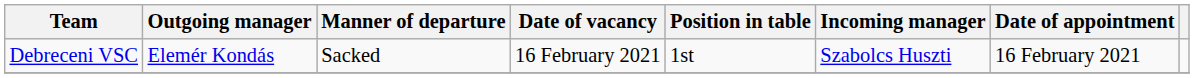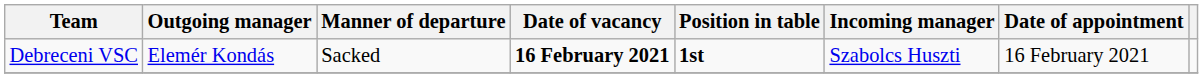 <table class="wikitable" style="font-size: 90%">
 <tr>
 <th>Team</th>
 <th>Outgoing manager</th>
 <th>Manner of departure</th>
 <th>Date of vacancy</th>
 <th>Position in table</th>
 <th>Incoming manager</th>
 <th>Date of appointment</th>
 <th></th>
 </tr>
 <tr>
 <td><a href='#'>Debreceni VSC</a></td>
 <td> <a href='#'>Elemér Kondás</a></td>
 <td>Sacked</td>
-<td>16 February 2021</td>
-<td>1st</td>
+<td><strong>16 February 2021</strong></td>
+<td><strong>1st</strong></td>
 <td> <a href='#'>Szabolcs Huszti</a></td>
 <td>16 February 2021</td>
 <td></td>
 </tr>
 <tr>
 </tr>
 </table>
